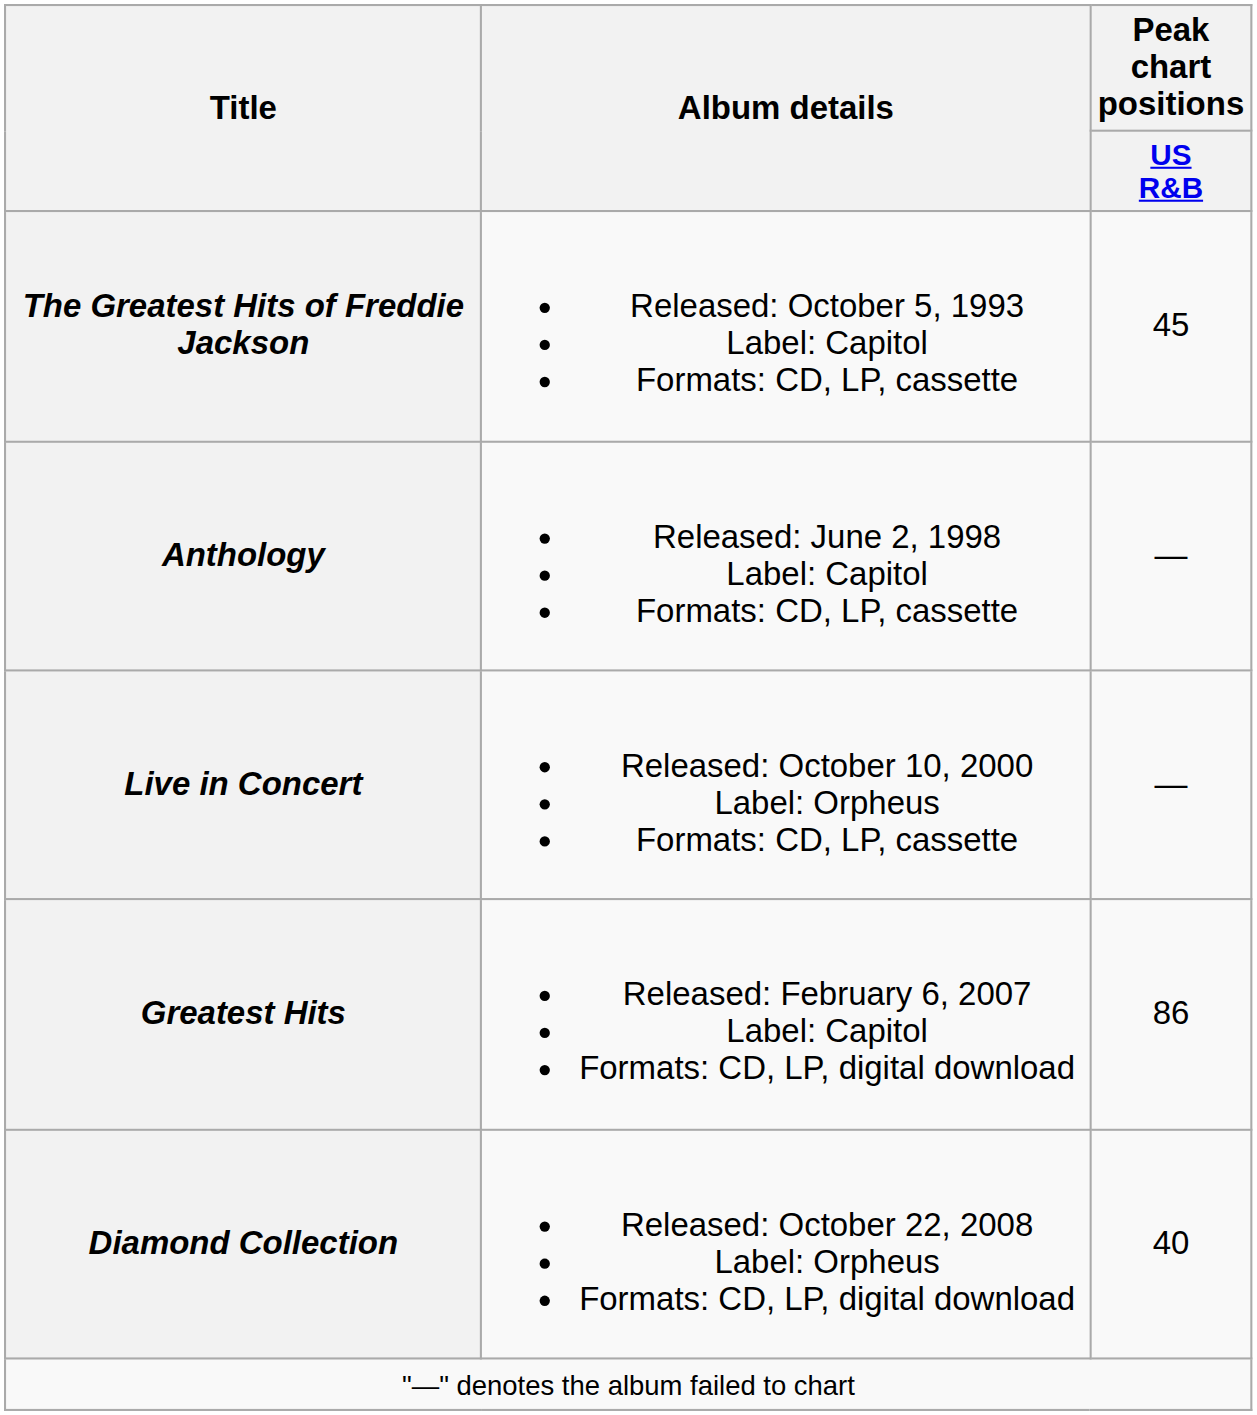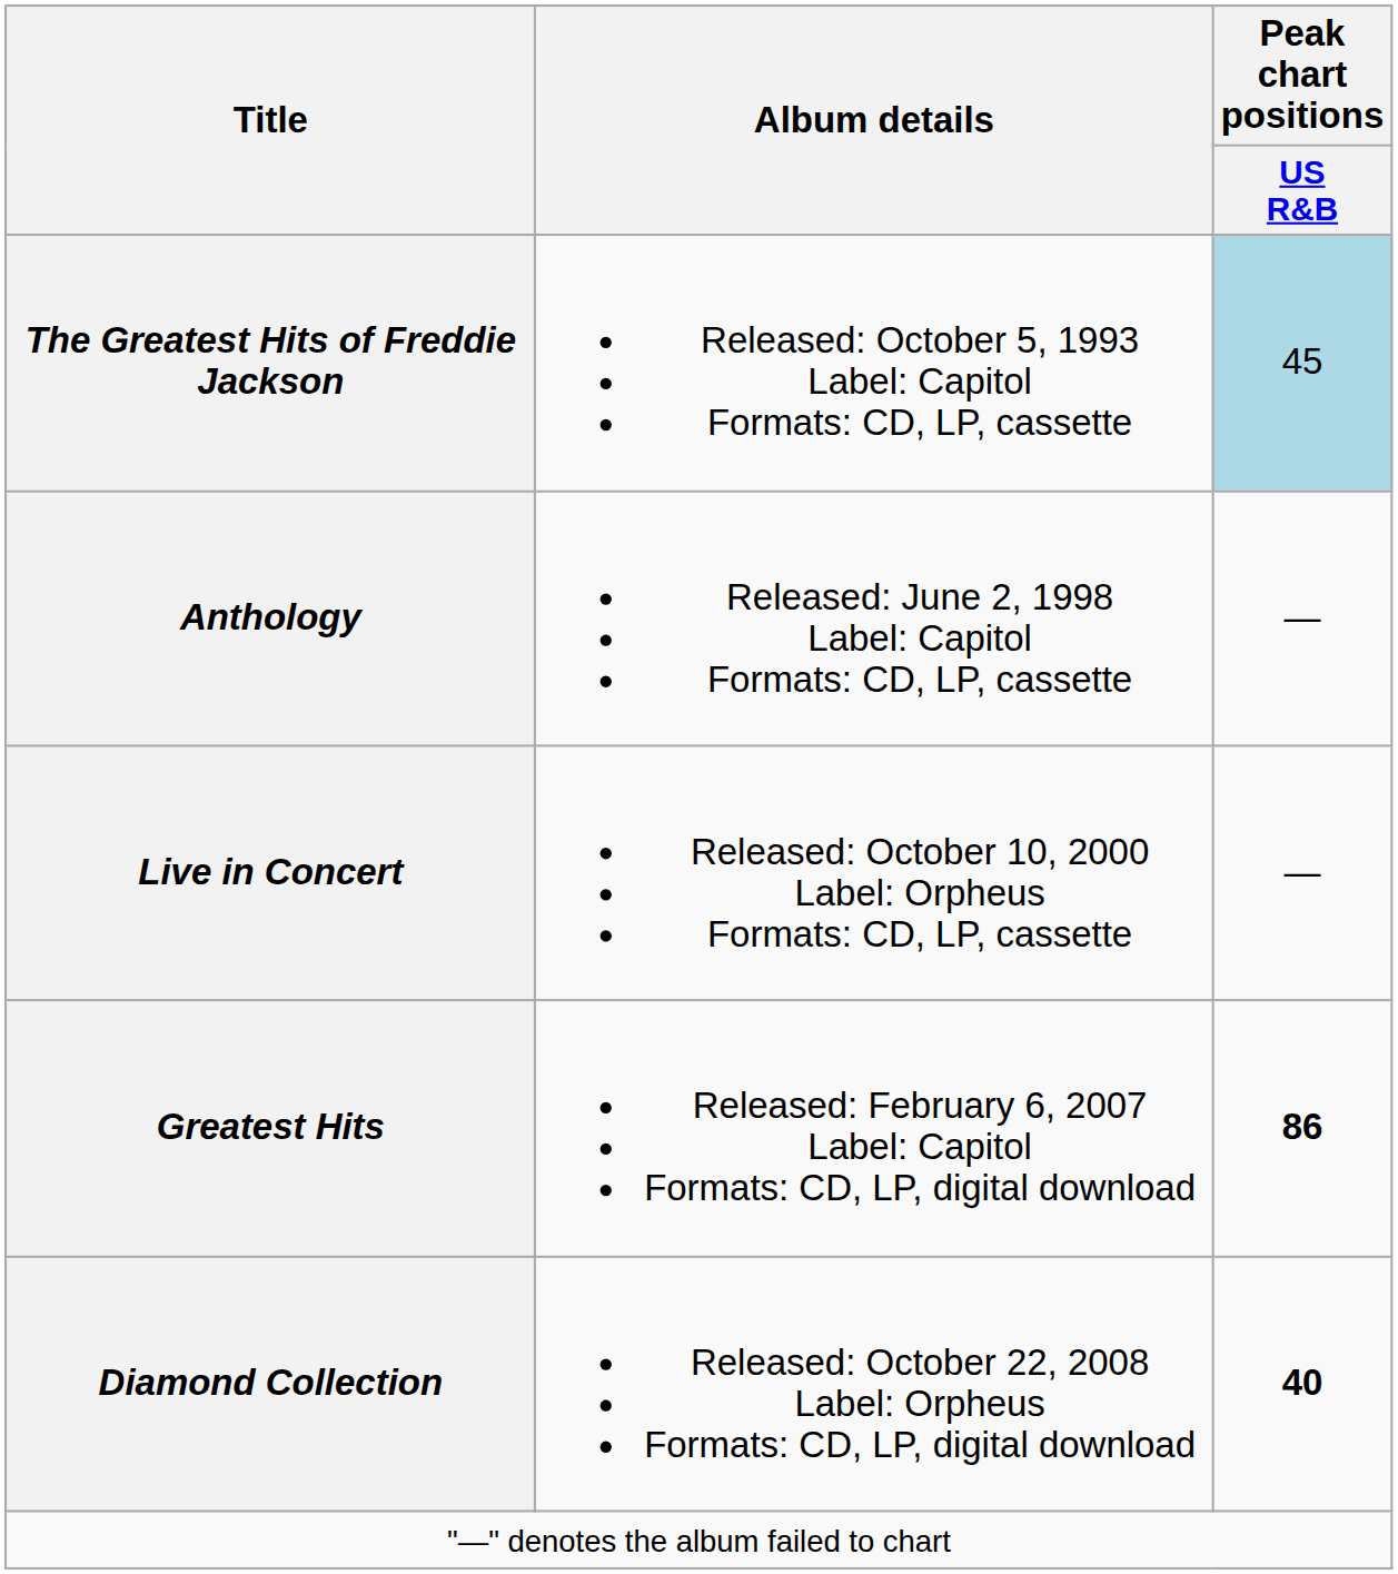 <table class="wikitable plainrowheaders" style="text-align:center;">
 <tr>
 <th scope="col" rowspan="2" style="width:14em;">Title</th>
 <th scope="col" rowspan="2" style="width:18em;">Album details</th>
 <th scope="col" colspan="1">Peak chart positions</th>
 </tr>
 <tr>
 <th scope="col" style="width:2.9em;font-size:90%;"><a href='#'>US<br>R&B</a><br></th>
 </tr>
 <tr>
 <th scope="row"><em>The Greatest Hits of Freddie Jackson</em></th>
 <td><br><ul><li>Released: October 5, 1993</li><li>Label: Capitol</li><li>Formats: CD, LP, cassette</li></ul></td>
-<td>45</td>
+<td style="background: lightblue;">45</td>
 </tr>
 <tr>
 <th scope="row"><em>Anthology</em></th>
 <td><br><ul><li>Released: June 2, 1998</li><li>Label: Capitol</li><li>Formats: CD, LP, cassette</li></ul></td>
 <td>—</td>
 </tr>
 <tr>
 <th scope="row"><em>Live in Concert</em></th>
 <td><br><ul><li>Released: October 10, 2000</li><li>Label: Orpheus</li><li>Formats: CD, LP, cassette</li></ul></td>
 <td>—</td>
 </tr>
 <tr>
 <th scope="row"><em>Greatest Hits</em></th>
 <td><br><ul><li>Released: February 6, 2007</li><li>Label: Capitol</li><li>Formats: CD, LP, digital download</li></ul></td>
-<td>86</td>
+<td><strong>86</strong></td>
 </tr>
 <tr>
 <th scope="row"><em>Diamond Collection</em></th>
 <td><br><ul><li>Released: October 22, 2008</li><li>Label: Orpheus</li><li>Formats: CD, LP, digital download</li></ul></td>
-<td>40</td>
+<td><strong>40</strong></td>
 </tr>
 <tr>
 <td style="text-align:center;" colspan="8"><small>"—" denotes the album failed to chart</small></td>
 </tr>
 </table>
